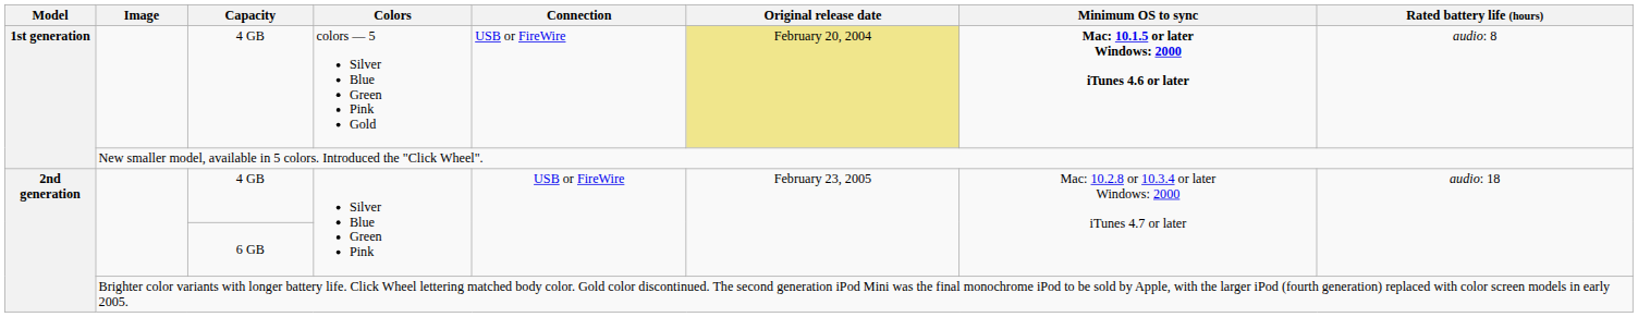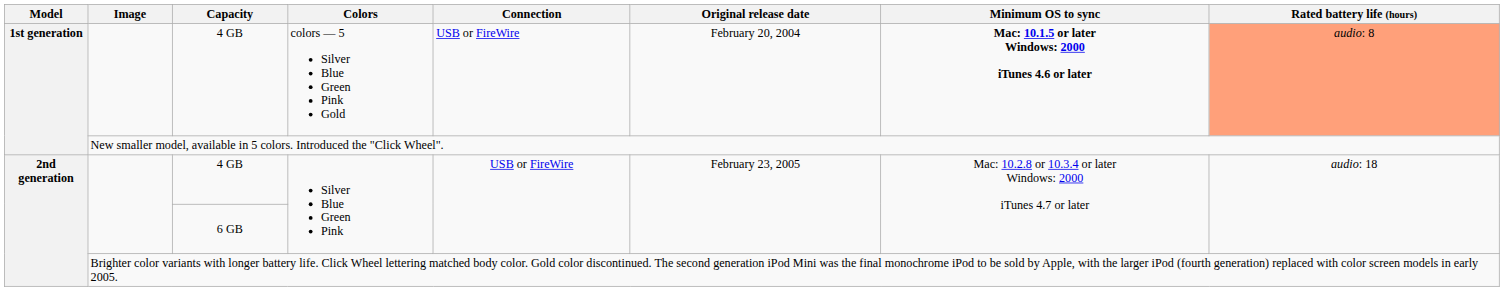 <table class="wikitable"new ecoca click wheel?>
 <tr>
 <th>Model</th>
 <th>Image</th>
 <th>Capacity</th>
 <th>Colors</th>
 <th>Connection</th>
 <th>Original release date</th>
 <th>Minimum OS to sync</th>
 <th>Rated battery life <small>(hours)</small></th>
 </tr>
 <tr valign="top">
 <th rowspan="2">1st generation</th>
 <td rowspan="1;" style="text-align:center;"></td>
 <td style="text-align:center">4 GB</td>
 <td>colors — 5<br><ul><li>Silver</li><li>Blue</li><li>Green</li><li>Pink</li><li>Gold</li></ul></td>
 <td><a href='#'>USB</a> or <a href='#'>FireWire</a></td>
-<td style="background: khaki; text-align:center;">February 20, 2004</td>
+<td style="text-align:center;">February 20, 2004</td>
 <td style="text-align:center;"><strong>Mac: <a href='#'>10.1.5</a> or later<br>Windows: <a href='#'>2000</a><br><br>iTunes 4.6 or later</strong></td>
-<td style="text-align:center;"><em>audio</em>: 8</td>
+<td style="background: lightsalmon; text-align:center;"><em>audio</em>: 8</td>
 </tr>
 <tr>
 <td colspan="7">New smaller model, available in 5 colors. Introduced the "Click Wheel".</td>
 </tr>
 <tr valign="top">
 <th rowspan="3">2nd generation</th>
 <td rowspan="2;" style="text-align:center;"></td>
 <td style="text-align:center;">4 GB</td>
 <td rowspan=2><br><ul><li>Silver</li><li>Blue</li><li>Green</li><li>Pink</li></ul></td>
 <td rowspan=2 style="text-align:center;"><a href='#'>USB</a> or <a href='#'>FireWire</a></td>
 <td rowspan=2 style="text-align:center;">February 23, 2005</td>
 <td rowspan=2 style="text-align:center;">Mac: <a href='#'>10.2.8</a> or <a href='#'>10.3.4</a> or later<br>Windows: <a href='#'>2000</a><br><br>iTunes 4.7 or later</td>
 <td rowspan=2 align=center><em>audio</em>: 18</td>
 </tr>
 <tr>
 <td align=center>6 GB</td>
 </tr>
 <tr>
 <td colspan="7">Brighter color variants with longer battery life. Click Wheel lettering matched body color. Gold color discontinued. The second generation iPod Mini was the final monochrome iPod to be sold by Apple, with the larger iPod (fourth generation) replaced with color screen models in early 2005.</td>
 </tr>
 </table>
